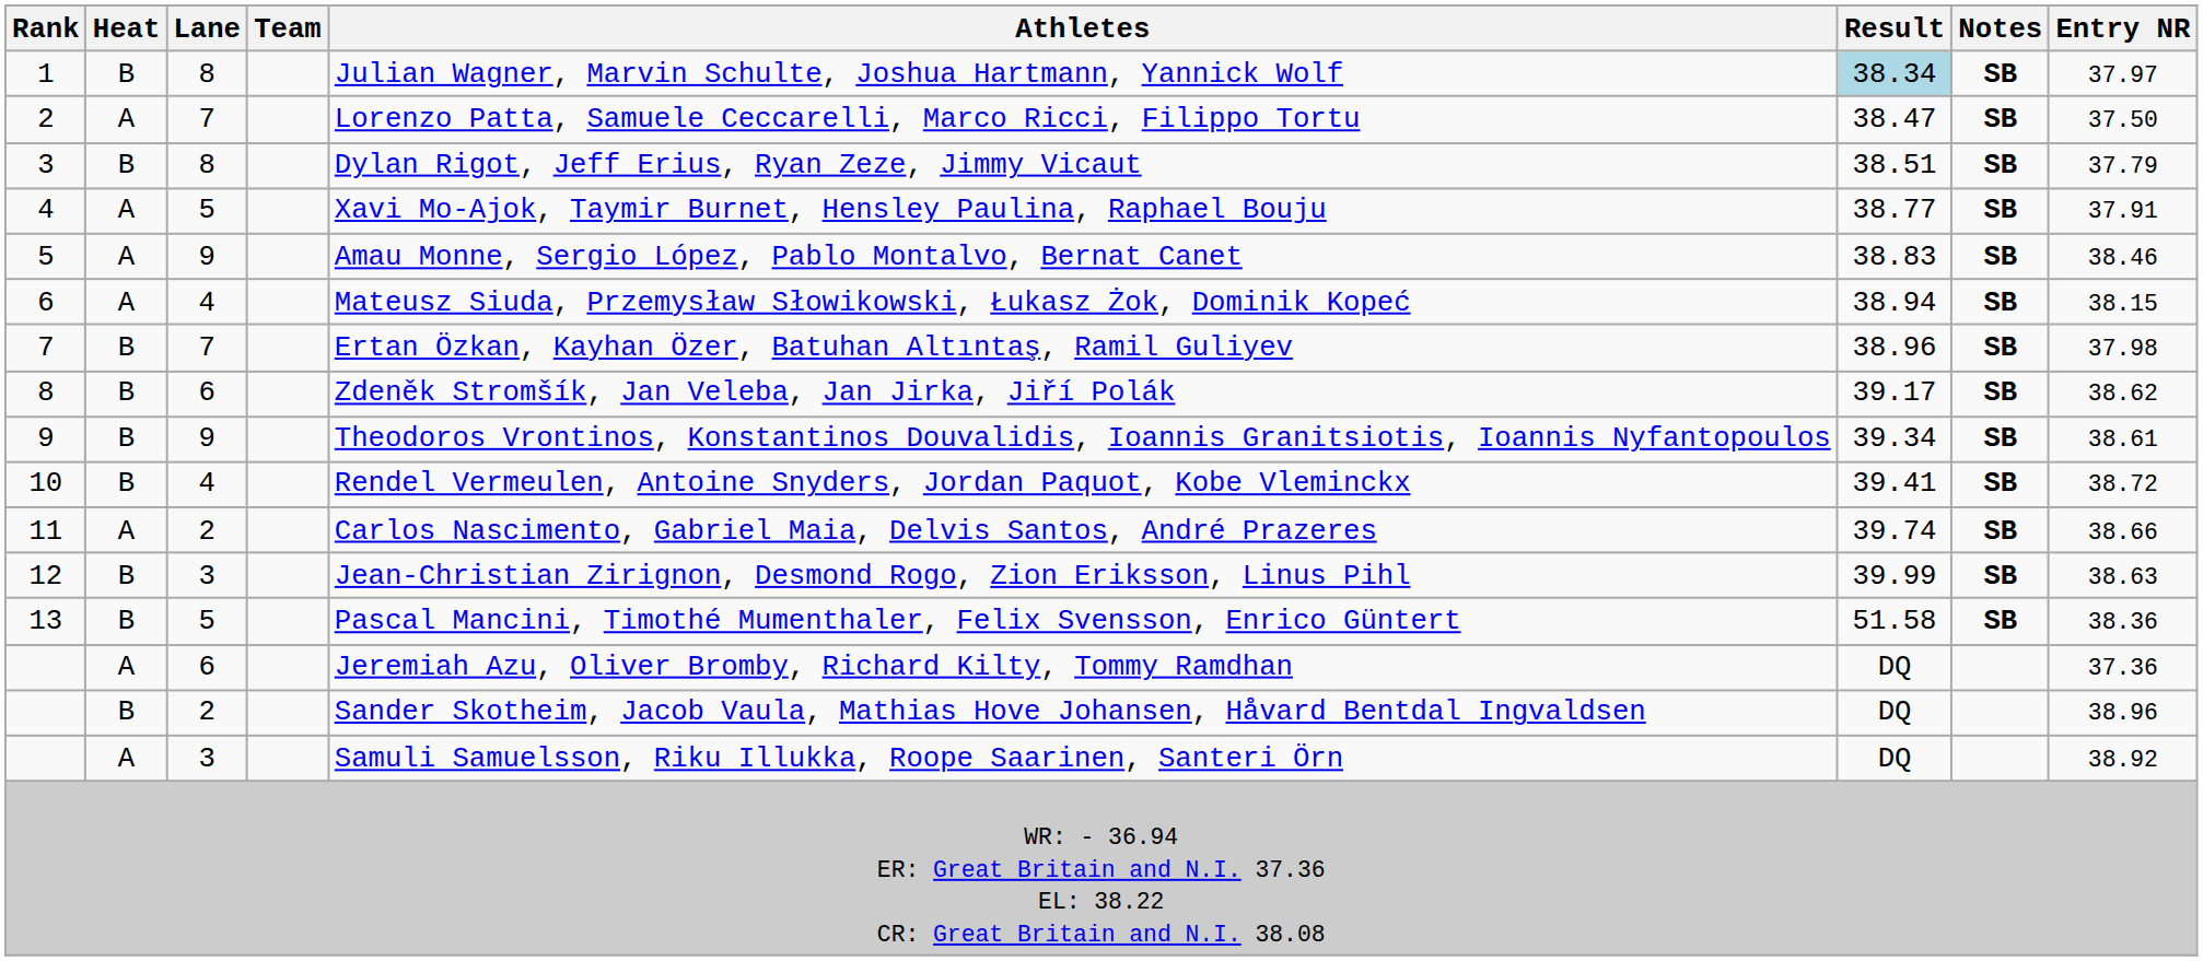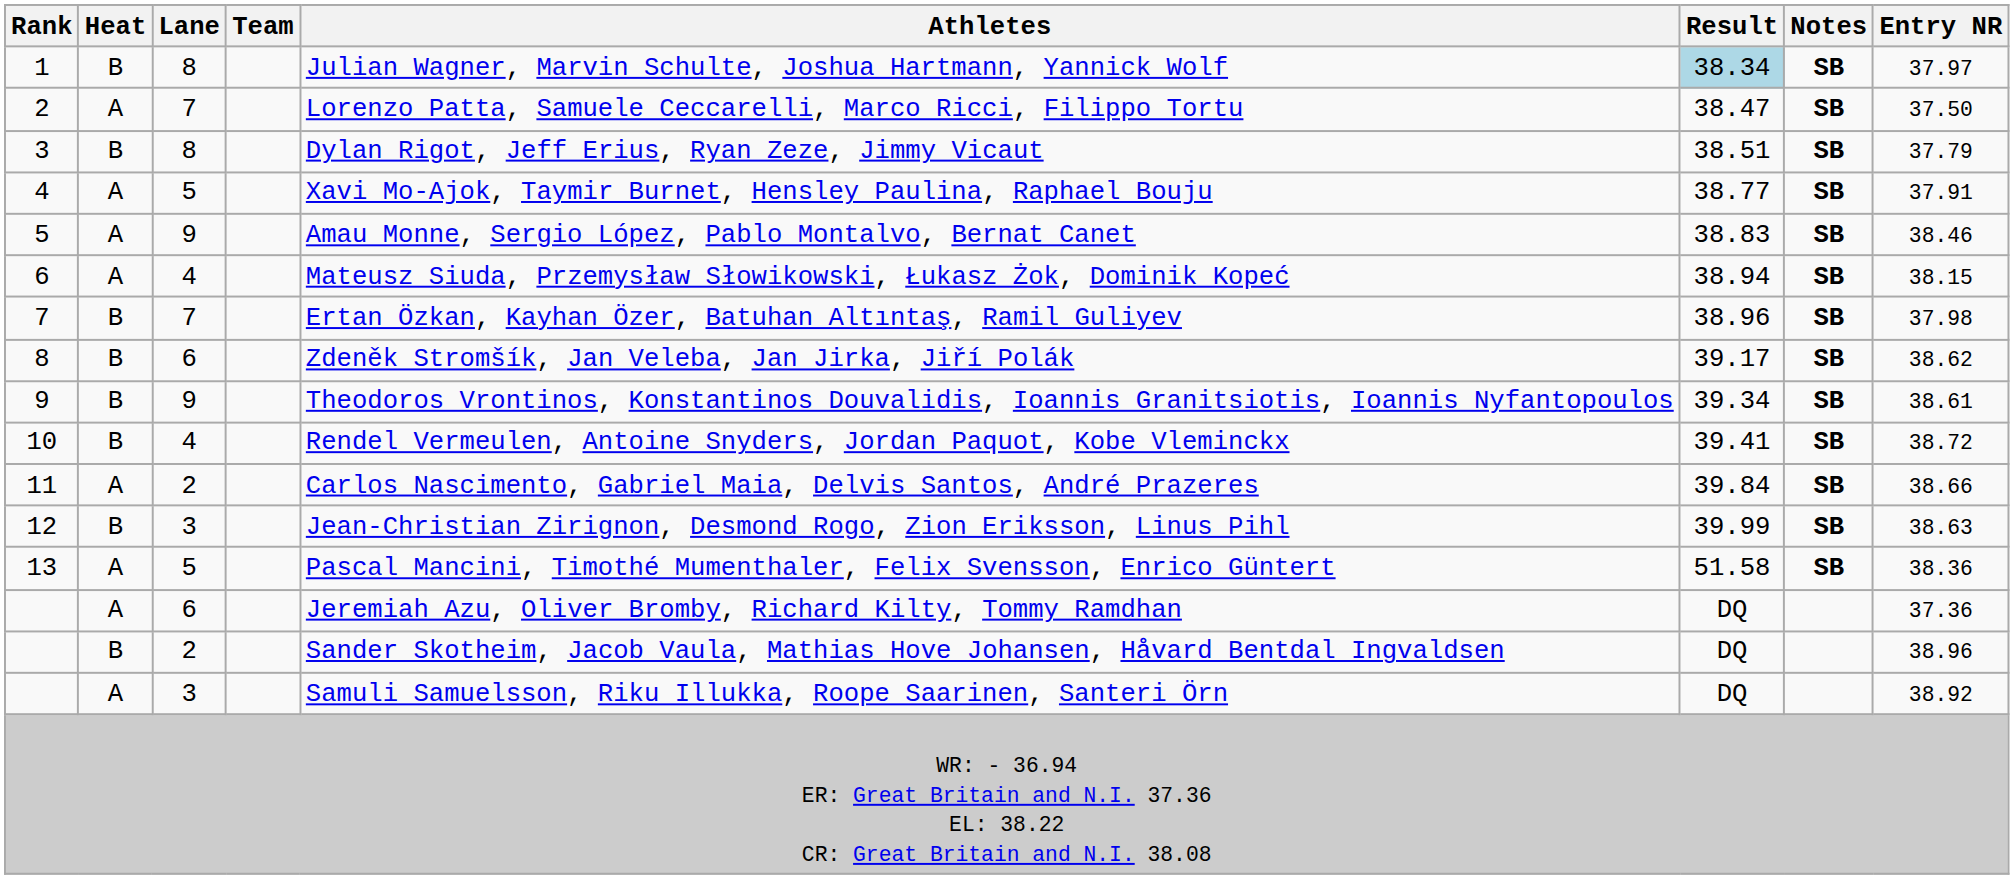 <table class="wikitable sortable" style="text-align:center;">
 <tr>
 <th>Rank</th>
 <th>Heat</th>
 <th>Lane</th>
 <th>Team</th>
 <th>Athletes</th>
 <th>Result</th>
 <th>Notes</th>
 <th>Entry NR</th>
 </tr>
 <tr>
 <td>1</td>
 <td>B</td>
 <td>8</td>
 <td align=left></td>
 <td align=left><a href='#'>Julian Wagner</a>, <a href='#'>Marvin Schulte</a>, <a href='#'>Joshua Hartmann</a>, <a href='#'>Yannick Wolf</a></td>
 <td style="background: lightblue;">38.34</td>
 <td> <strong>SB</strong></td>
 <td><small>37.97</small></td>
 </tr>
 <tr>
 <td>2</td>
 <td>A</td>
 <td>7</td>
 <td align=left></td>
 <td align=left><a href='#'>Lorenzo Patta</a>, <a href='#'>Samuele Ceccarelli</a>, <a href='#'>Marco Ricci</a>, <a href='#'>Filippo Tortu</a></td>
 <td>38.47</td>
 <td> <strong>SB</strong></td>
 <td><small>37.50</small></td>
 </tr>
 <tr>
 <td>3</td>
 <td>B</td>
 <td>8</td>
 <td align=left></td>
 <td align=left><a href='#'>Dylan Rigot</a>, <a href='#'>Jeff Erius</a>, <a href='#'>Ryan Zeze</a>, <a href='#'>Jimmy Vicaut</a></td>
 <td>38.51</td>
 <td> <strong>SB</strong></td>
 <td><small>37.79</small></td>
 </tr>
 <tr>
 <td>4</td>
 <td>A</td>
 <td>5</td>
 <td align=left></td>
 <td align=left><a href='#'>Xavi Mo-Ajok</a>, <a href='#'>Taymir Burnet</a>, <a href='#'>Hensley Paulina</a>, <a href='#'>Raphael Bouju</a></td>
 <td>38.77</td>
 <td><strong>SB</strong></td>
 <td><small>37.91</small></td>
 </tr>
 <tr>
 <td>5</td>
 <td>A</td>
 <td>9</td>
 <td align=left></td>
 <td align=left><a href='#'>Amau Monne</a>, <a href='#'>Sergio López</a>, <a href='#'>Pablo Montalvo</a>, <a href='#'>Bernat Canet</a></td>
 <td>38.83</td>
 <td><strong>SB</strong></td>
 <td><small>38.46</small></td>
 </tr>
 <tr>
 <td>6</td>
 <td>A</td>
 <td>4</td>
 <td align=left></td>
 <td align=left><a href='#'>Mateusz Siuda</a>, <a href='#'>Przemysław Słowikowski</a>, <a href='#'>Łukasz Żok</a>, <a href='#'>Dominik Kopeć</a></td>
 <td>38.94</td>
 <td><strong>SB</strong></td>
 <td><small>38.15</small></td>
 </tr>
 <tr>
 <td>7</td>
 <td>B</td>
 <td>7</td>
 <td align=left></td>
 <td align=left><a href='#'>Ertan Özkan</a>, <a href='#'>Kayhan Özer</a>, <a href='#'>Batuhan Altıntaş</a>, <a href='#'>Ramil Guliyev</a></td>
 <td>38.96</td>
 <td><strong>SB</strong></td>
 <td><small>37.98</small></td>
 </tr>
 <tr>
 <td>8</td>
 <td>B</td>
 <td>6</td>
 <td align=left></td>
 <td align=left><a href='#'>Zdeněk Stromšík</a>, <a href='#'>Jan Veleba</a>, <a href='#'>Jan Jirka</a>, <a href='#'>Jiří Polák</a></td>
 <td>39.17</td>
 <td><strong>SB</strong></td>
 <td><small>38.62</small></td>
 </tr>
 <tr>
 <td>9</td>
 <td>B</td>
 <td>9</td>
 <td align=left></td>
 <td align=left><a href='#'>Theodoros Vrontinos</a>, <a href='#'>Konstantinos Douvalidis</a>, <a href='#'>Ioannis Granitsiotis</a>, <a href='#'>Ioannis Nyfantopoulos</a></td>
 <td>39.34</td>
 <td><strong>SB</strong></td>
 <td><small>38.61</small></td>
 </tr>
 <tr>
 <td>10</td>
 <td>B</td>
 <td>4</td>
 <td align=left></td>
 <td align=left><a href='#'>Rendel Vermeulen</a>, <a href='#'>Antoine Snyders</a>, <a href='#'>Jordan Paquot</a>, <a href='#'>Kobe Vleminckx</a></td>
 <td>39.41</td>
 <td><strong>SB</strong></td>
 <td><small>38.72</small></td>
 </tr>
 <tr>
 <td>11</td>
 <td>A</td>
 <td>2</td>
 <td align=left></td>
 <td align=left><a href='#'>Carlos Nascimento</a>, <a href='#'>Gabriel Maia</a>, <a href='#'>Delvis Santos</a>, <a href='#'>André Prazeres</a></td>
-<td>39.74</td>
+<td>39.84</td>
 <td><strong>SB</strong></td>
 <td><small>38.66</small></td>
 </tr>
 <tr>
 <td>12</td>
 <td>B</td>
 <td>3</td>
 <td align=left></td>
 <td align=left><a href='#'>Jean-Christian Zirignon</a>, <a href='#'>Desmond Rogo</a>, <a href='#'>Zion Eriksson</a>, <a href='#'>Linus Pihl</a></td>
 <td>39.99</td>
 <td><strong>SB</strong></td>
 <td><small>38.63</small></td>
 </tr>
 <tr>
 <td>13</td>
-<td>B</td>
+<td>A</td>
 <td>5</td>
 <td align=left></td>
 <td align=left><a href='#'>Pascal Mancini</a>, <a href='#'>Timothé Mumenthaler</a>, <a href='#'>Felix Svensson</a>, <a href='#'>Enrico Güntert</a></td>
 <td>51.58</td>
 <td><strong>SB</strong></td>
 <td><small>38.36</small></td>
 </tr>
 <tr>
 <td></td>
 <td>A</td>
 <td>6</td>
 <td align=left></td>
 <td align=left><a href='#'>Jeremiah Azu</a>, <a href='#'>Oliver Bromby</a>, <a href='#'>Richard Kilty</a>, <a href='#'>Tommy Ramdhan</a></td>
 <td>DQ</td>
 <td></td>
 <td><small>37.36</small></td>
 </tr>
 <tr>
 <td></td>
 <td>B</td>
 <td>2</td>
 <td align=left></td>
 <td align=left><a href='#'>Sander Skotheim</a>, <a href='#'>Jacob Vaula</a>, <a href='#'>Mathias Hove Johansen</a>, <a href='#'>Håvard Bentdal Ingvaldsen</a></td>
 <td>DQ</td>
 <td></td>
 <td><small>38.96</small></td>
 </tr>
 <tr>
 <td></td>
 <td>A</td>
 <td>3</td>
 <td align=left></td>
 <td align=left><a href='#'>Samuli Samuelsson</a>, <a href='#'>Riku Illukka</a>, <a href='#'>Roope Saarinen</a>, <a href='#'>Santeri Örn</a></td>
 <td>DQ</td>
 <td></td>
 <td><small>38.92</small></td>
 </tr>
 <tr class="sortbottom">
 <td colspan="8" bgcolor="#cccccc"><br> <small>WR:   - 36.94<br>ER: <a href='#'>Great Britain and N.I.</a> 37.36<br></small> <small>EL:   38.22<br>CR:  <a href='#'>Great Britain and N.I.</a> 38.08</small></td>
 </tr>
 </table>
